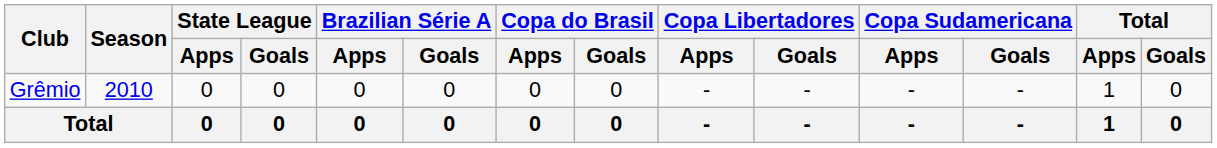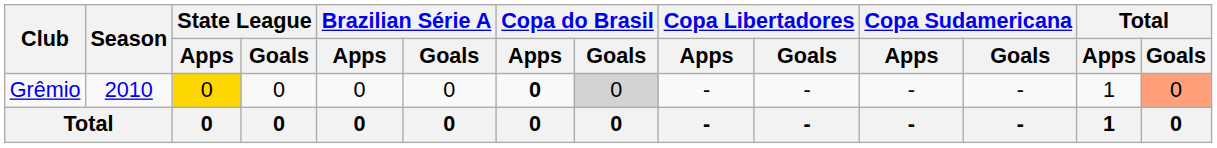 <table class="wikitable" style="text-align: center;">
 <tr>
 <th rowspan="2">Club</th>
 <th rowspan="2">Season</th>
 <th colspan="2">State League</th>
 <th colspan="2"><a href='#'>Brazilian Série A</a></th>
 <th colspan="2"><a href='#'>Copa do Brasil</a></th>
 <th colspan="2"><a href='#'>Copa Libertadores</a></th>
 <th colspan="2"><a href='#'>Copa Sudamericana</a></th>
 <th colspan="2">Total</th>
 </tr>
 <tr>
 <th>Apps</th>
 <th>Goals</th>
 <th>Apps</th>
 <th>Goals</th>
 <th>Apps</th>
 <th>Goals</th>
 <th>Apps</th>
 <th>Goals</th>
 <th>Apps</th>
 <th>Goals</th>
 <th>Apps</th>
 <th>Goals</th>
 </tr>
 <tr>
 <td rowspan="1" valign="center"><a href='#'>Grêmio</a></td>
 <td><a href='#'>2010</a></td>
+<td style="background: gold;">0</td>
 <td>0</td>
 <td>0</td>
 <td>0</td>
-<td>0</td>
-<td>0</td>
-<td>0</td>
+<td><strong>0</strong></td>
+<td style="background: lightgrey;">0</td>
 <td>-</td>
 <td>-</td>
 <td>-</td>
 <td>-</td>
 <td>1</td>
-<td>0</td>
+<td style="background: lightsalmon;">0</td>
 </tr>
 <tr>
 <th colspan="2"><strong>Total</strong></th>
 <th>0</th>
 <th>0</th>
 <th>0</th>
 <th>0</th>
 <th>0</th>
 <th>0</th>
 <th>-</th>
 <th>-</th>
 <th>-</th>
 <th>-</th>
 <th>1</th>
 <th>0</th>
 </tr>
 </table>
